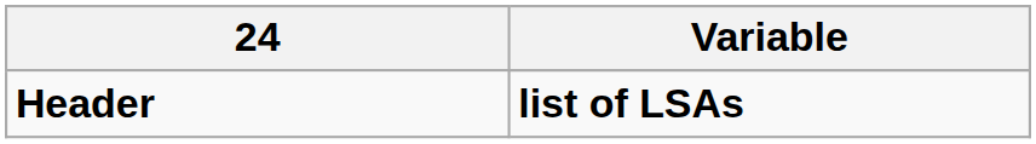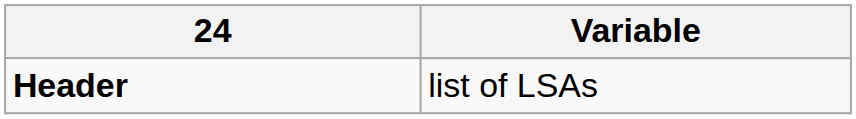 <table class="wikitable  floatright mw-collapsible mw-collapsed" style="width: 400px;">
 <tr>
 <th width="3%">24</th>
 <th width="3%">Variable</th>
 </tr>
 <tr>
 <td rowspan="2" colspan="1"><strong>Header</strong></td>
 </tr>
 <tr>
-<td><strong>list of LSAs</strong></td>
+<td>list of LSAs</td>
 </tr>
 </table>
